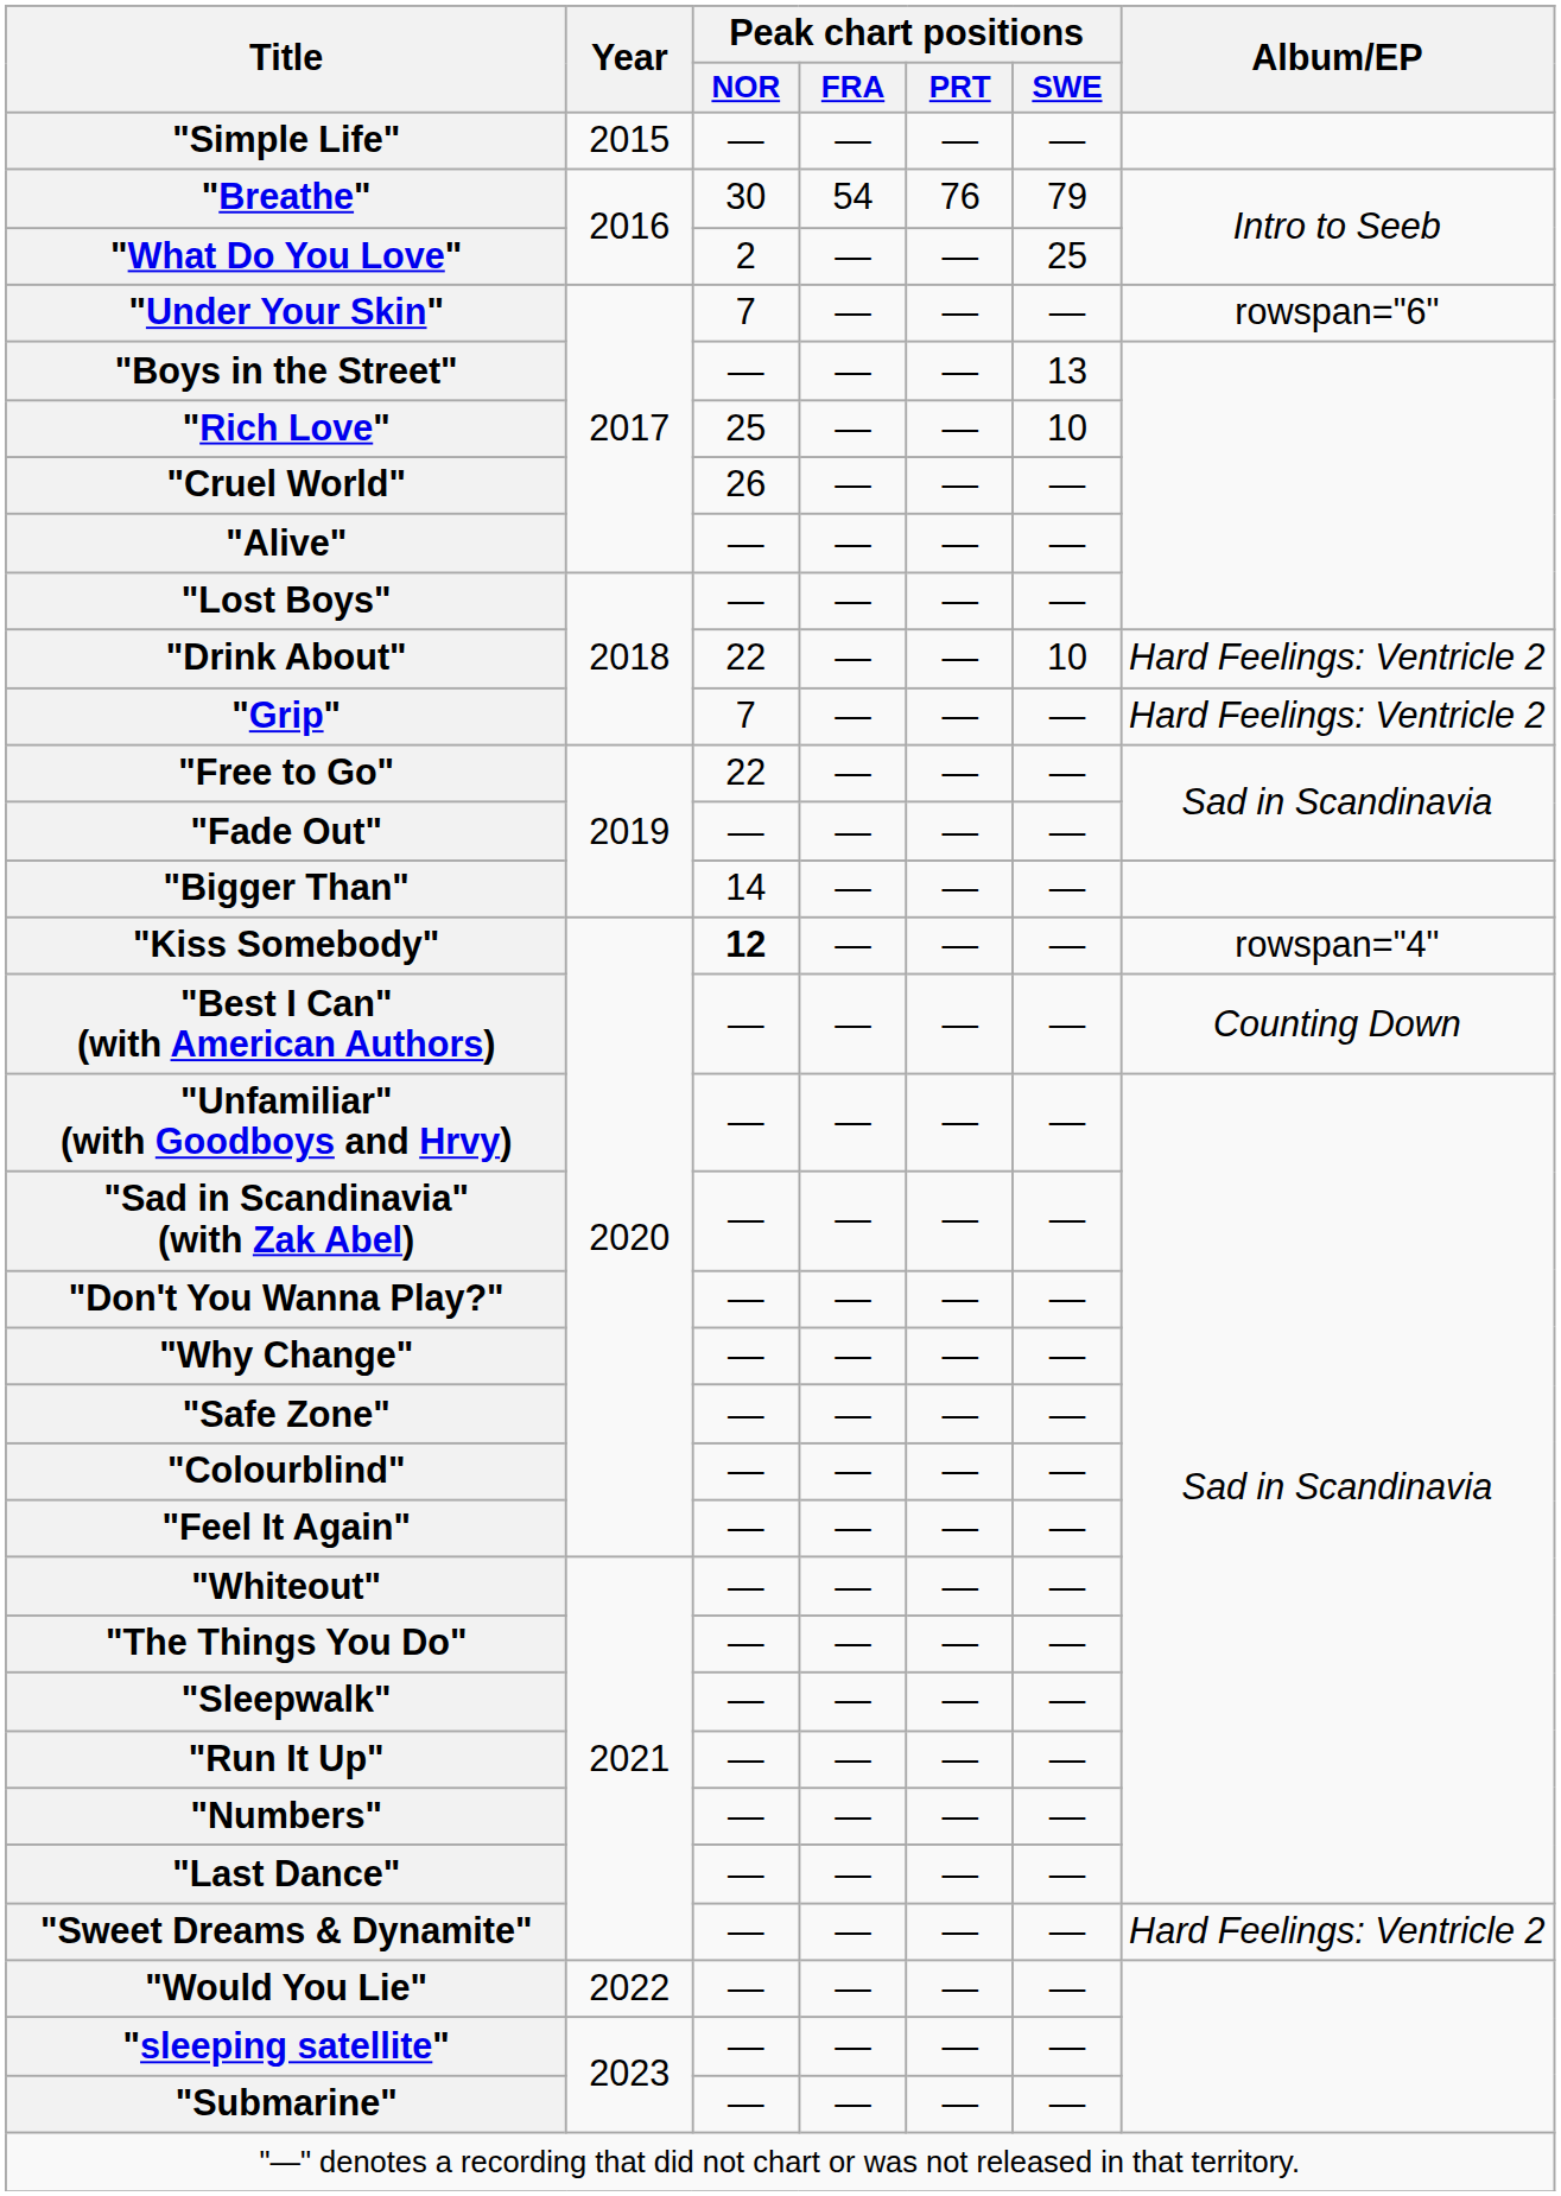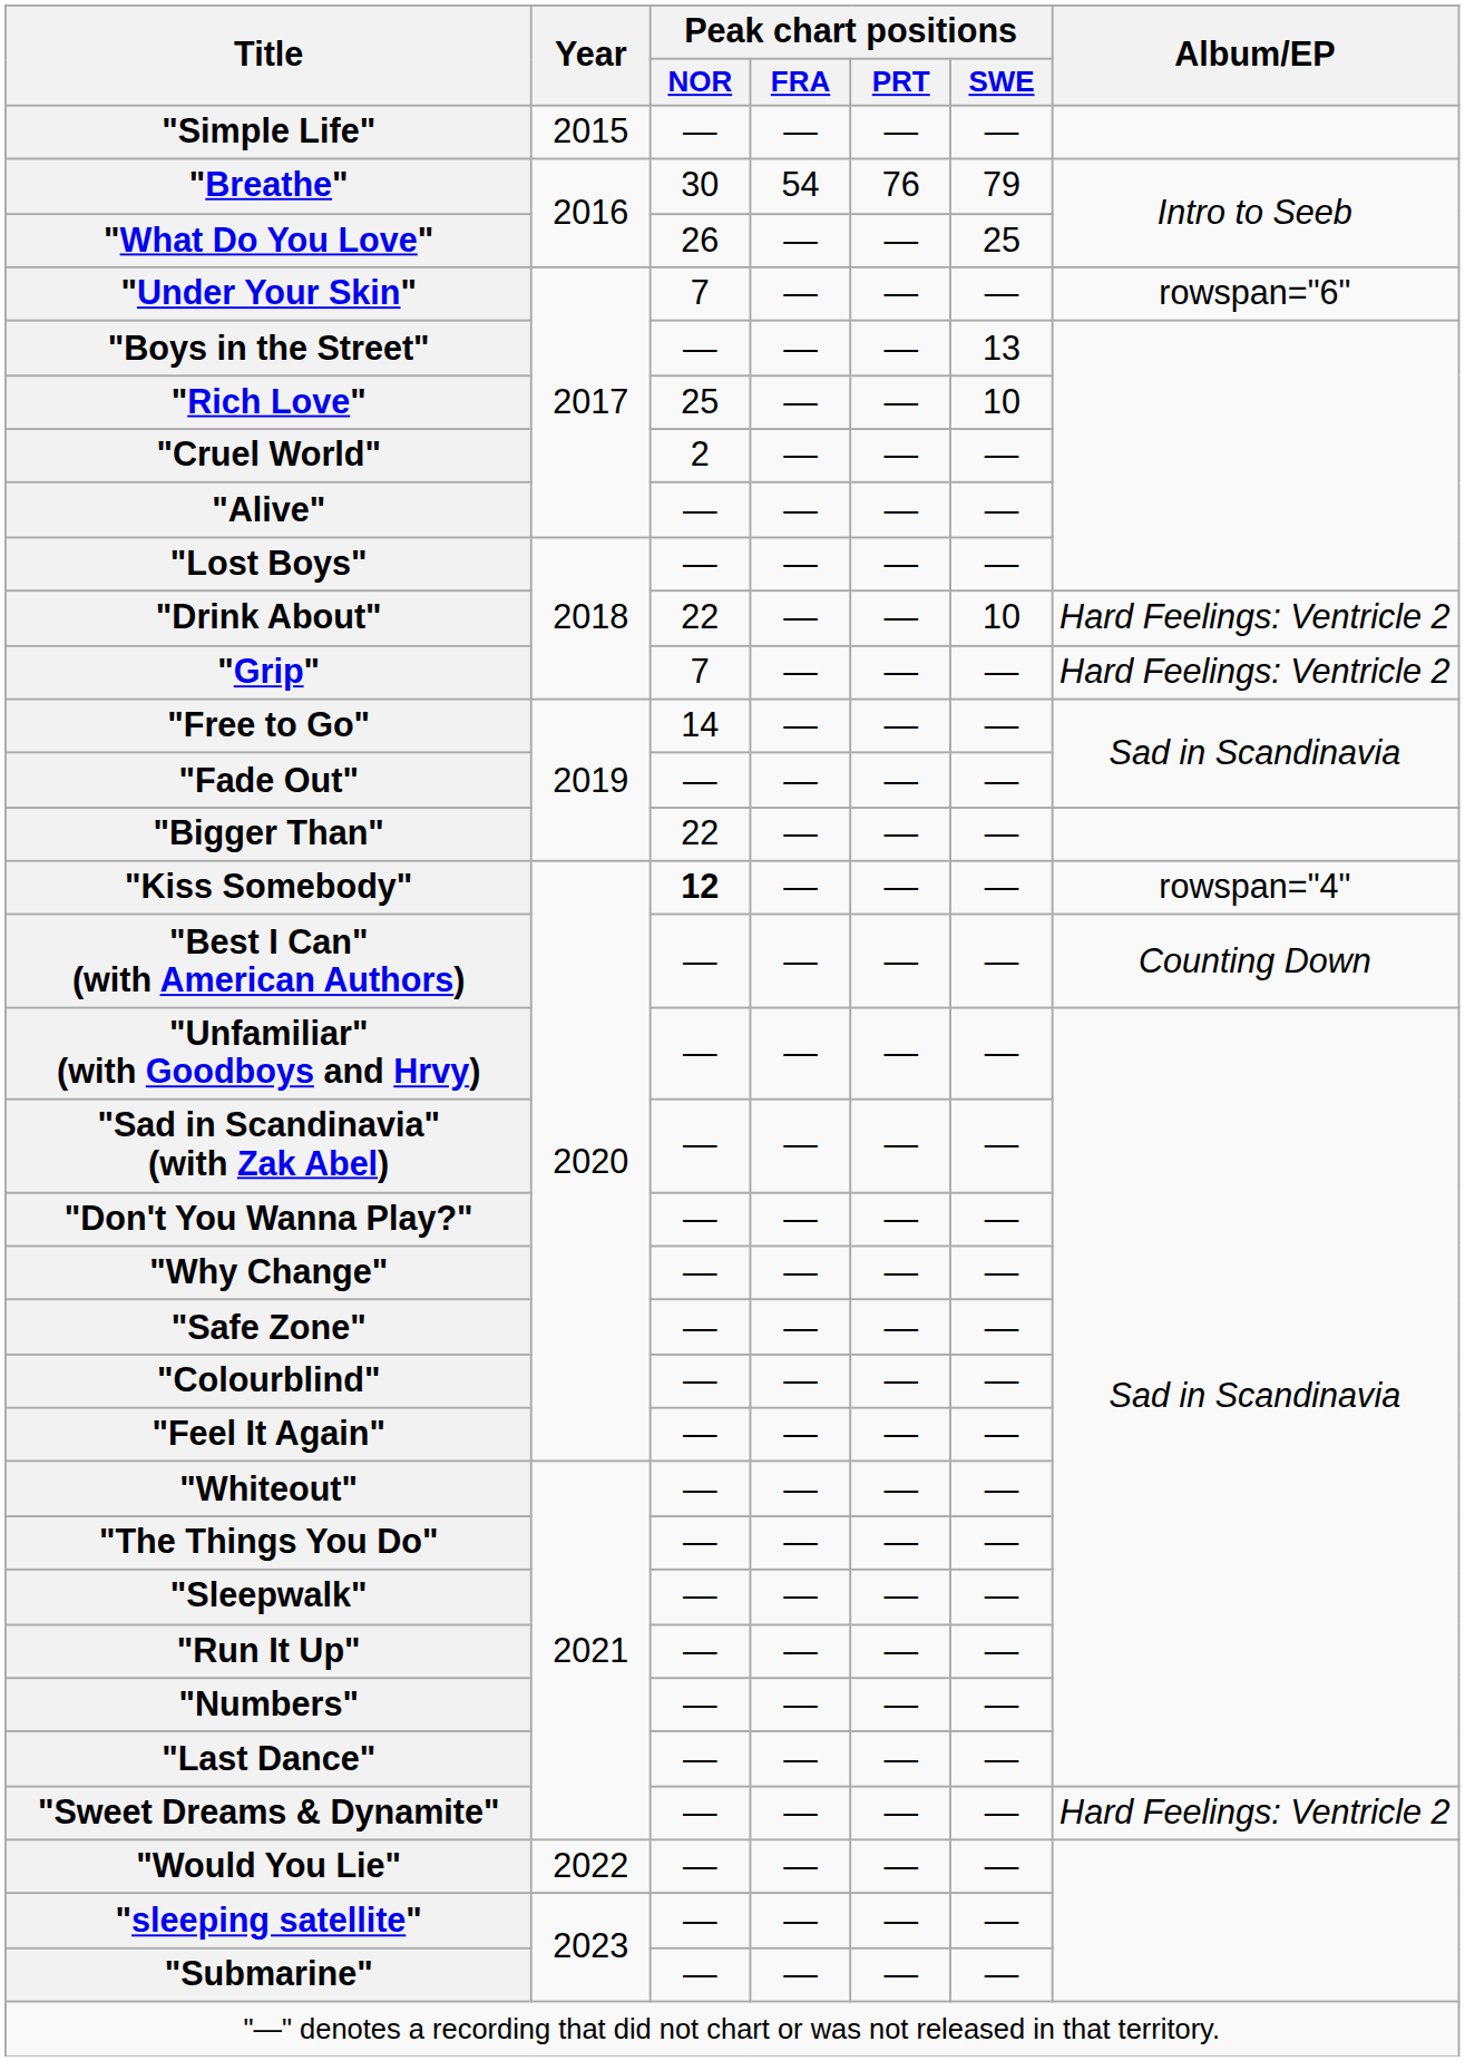 <table class="wikitable plainrowheaders" style="text-align:center;">
 <tr>
 <th scope="col" rowspan="2" style="width:15em;">Title</th>
 <th scope="col" rowspan="2" style="width:3em;">Year</th>
 <th scope="col" colspan="4">Peak chart positions</th>
 <th scope="col" rowspan="2">Album/EP</th>
 </tr>
 <tr>
 <th scope="col" style="width:3em;font-size:85%;"><a href='#'>NOR</a><br></th>
 <th scope="col" style="width:3em;font-size:85%;"><a href='#'>FRA</a><br></th>
 <th scope="col" style="width:3em;font-size:85%;"><a href='#'>PRT</a><br></th>
 <th scope="col" style="width:3em;font-size:85%;"><a href='#'>SWE</a><br></th>
 </tr>
 <tr>
 <th scope="row">"Simple Life"</th>
 <td>2015</td>
 <td>—</td>
 <td>—</td>
 <td>—</td>
 <td>—</td>
 <td></td>
 </tr>
 <tr>
 <th scope="row">"<a href='#'>Breathe</a>"<br></th>
 <td rowspan="2">2016</td>
 <td>30</td>
 <td>54</td>
 <td>76</td>
 <td>79<br></td>
 <td rowspan="2"><em>Intro to Seeb</em></td>
 </tr>
 <tr>
 <th scope="row">"<a href='#'>What Do You Love</a>"<br></th>
-<td>2</td>
+<td>26<br></td>
 <td>—</td>
 <td>—</td>
 <td>25<br></td>
 </tr>
 <tr>
 <th scope="row">"<a href='#'>Under Your Skin</a>"<br></th>
 <td rowspan="5">2017</td>
 <td>7</td>
 <td>—</td>
 <td>—</td>
 <td>—</td>
 <td>rowspan="6" </td>
 </tr>
 <tr>
 <th scope="row">"Boys in the Street"<br></th>
 <td>—</td>
 <td>—</td>
 <td>—</td>
 <td>13</td>
 </tr>
 <tr>
 <th scope="row">"<a href='#'>Rich Love</a>"<br></th>
 <td>25<br></td>
 <td>—</td>
 <td>—</td>
 <td>10<br></td>
 </tr>
 <tr>
 <th scope="row">"Cruel World"<br></th>
-<td>26<br></td>
+<td>2</td>
 <td>—</td>
 <td>—</td>
 <td>—</td>
 </tr>
 <tr>
 <th scope="row">"Alive"<br></th>
 <td>—</td>
 <td>—</td>
 <td>—</td>
 <td>—</td>
 </tr>
 <tr>
 <th scope="row">"Lost Boys"<br></th>
 <td rowspan="3">2018</td>
 <td>—</td>
 <td>—</td>
 <td>—</td>
 <td>—</td>
 </tr>
 <tr>
 <th scope="row">"Drink About" <br></th>
 <td>22<br></td>
 <td>—</td>
 <td>—</td>
 <td>10<br></td>
 <td><em>Hard Feelings: Ventricle 2</em></td>
 </tr>
 <tr>
 <th scope="row">"<a href='#'>Grip</a>" <br></th>
 <td>7<br></td>
 <td>—</td>
 <td>—</td>
 <td>—</td>
 <td><em>Hard Feelings: Ventricle 2</em></td>
 </tr>
 <tr>
 <th scope="row">"Free to Go" <br></th>
 <td rowspan="3">2019</td>
-<td>22<br></td>
+<td>14<br></td>
 <td>—</td>
 <td>—</td>
 <td>—</td>
 <td rowspan="2"><em>Sad in Scandinavia</em></td>
 </tr>
 <tr>
 <th scope="row">"Fade Out" <br></th>
 <td>—</td>
 <td>—</td>
 <td>—</td>
 <td>—</td>
 </tr>
 <tr>
 <th scope="row">"Bigger Than" <br></th>
-<td>14<br></td>
+<td>22<br></td>
 <td>—</td>
 <td>—</td>
 <td>—</td>
 <td></td>
 </tr>
 <tr>
 <th scope="row">"Kiss Somebody" <br></th>
 <td rowspan="9">2020</td>
 <td><strong>12<br></strong></td>
 <td>—</td>
 <td>—</td>
 <td>—</td>
 <td>rowspan="4" </td>
 </tr>
 <tr>
 <th scope="row">"Best I Can"<br><span>(with <a href='#'>American Authors</a>)</span></th>
 <td>—</td>
 <td>—</td>
 <td>—</td>
 <td>—</td>
 <td><em>Counting Down</em></td>
 </tr>
 <tr>
 <th scope="row">"Unfamiliar"<br><span>(with <a href='#'>Goodboys</a> and <a href='#'>Hrvy</a>)</span></th>
 <td>—</td>
 <td>—</td>
 <td>—</td>
 <td>—</td>
 <td rowspan="13"><em>Sad in Scandinavia</em></td>
 </tr>
 <tr>
 <th scope="row">"Sad in Scandinavia"<br><span>(with <a href='#'>Zak Abel</a>)</span></th>
 <td>—</td>
 <td>—</td>
 <td>—</td>
 <td>—</td>
 </tr>
 <tr>
 <th scope="row">"Don't You Wanna Play?"<br></th>
 <td>—</td>
 <td>—</td>
 <td>—</td>
 <td>—</td>
 </tr>
 <tr>
 <th scope="row">"Why Change"<br></th>
 <td>—</td>
 <td>—</td>
 <td>—</td>
 <td>—</td>
 </tr>
 <tr>
 <th scope="row">"Safe Zone"<br></th>
 <td>—</td>
 <td>—</td>
 <td>—</td>
 <td>—</td>
 </tr>
 <tr>
 <th scope="row">"Colourblind"<br></th>
 <td>—</td>
 <td>—</td>
 <td>—</td>
 <td>—</td>
 </tr>
 <tr>
 <th scope="row">"Feel It Again"<br></th>
 <td>—</td>
 <td>—</td>
 <td>—</td>
 <td>—</td>
 </tr>
 <tr>
 <th scope="row">"Whiteout"</th>
 <td rowspan="7">2021</td>
 <td>—</td>
 <td>—</td>
 <td>—</td>
 <td>—</td>
 </tr>
 <tr>
 <th scope="row">"The Things You Do"<br></th>
 <td>—</td>
 <td>—</td>
 <td>—</td>
 <td>—</td>
 </tr>
 <tr>
 <th scope="row">"Sleepwalk"<br></th>
 <td>—</td>
 <td>—</td>
 <td>—</td>
 <td>—</td>
 </tr>
 <tr>
 <th scope="row">"Run It Up"<br></th>
 <td>—</td>
 <td>—</td>
 <td>—</td>
 <td>—</td>
 </tr>
 <tr>
 <th scope="row">"Numbers"<br></th>
 <td>—</td>
 <td>—</td>
 <td>—</td>
 <td>—</td>
 </tr>
 <tr>
 <th scope="row">"Last Dance"<br></th>
 <td>—</td>
 <td>—</td>
 <td>—</td>
 <td>—</td>
 </tr>
 <tr>
 <th scope="row">"Sweet Dreams & Dynamite" <br></th>
 <td>—</td>
 <td>—</td>
 <td>—</td>
 <td>—</td>
 <td><em>Hard Feelings: Ventricle 2</em></td>
 </tr>
 <tr>
 <th scope="row">"Would You Lie" <br></th>
 <td>2022</td>
 <td>—</td>
 <td>—</td>
 <td>—</td>
 <td>—</td>
 </tr>
 <tr>
 <th scope="row">"<a href='#'>sleeping satellite</a>" <br></th>
 <td rowspan=2>2023</td>
 <td>—</td>
 <td>—</td>
 <td>—</td>
 <td>—</td>
 </tr>
 <tr>
 <th scope="row">"Submarine" <br></th>
 <td>—</td>
 <td>—</td>
 <td>—</td>
 <td>—</td>
 </tr>
 <tr>
 <td colspan="7"><small>"—" denotes a recording that did not chart or was not released in that territory.</small></td>
 </tr>
 </table>
